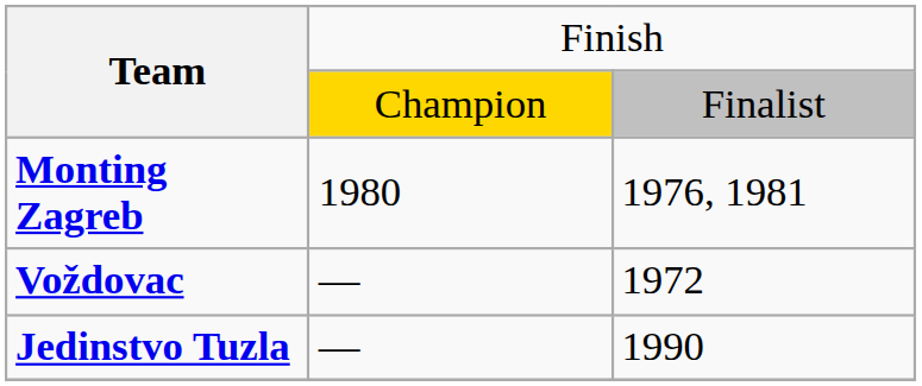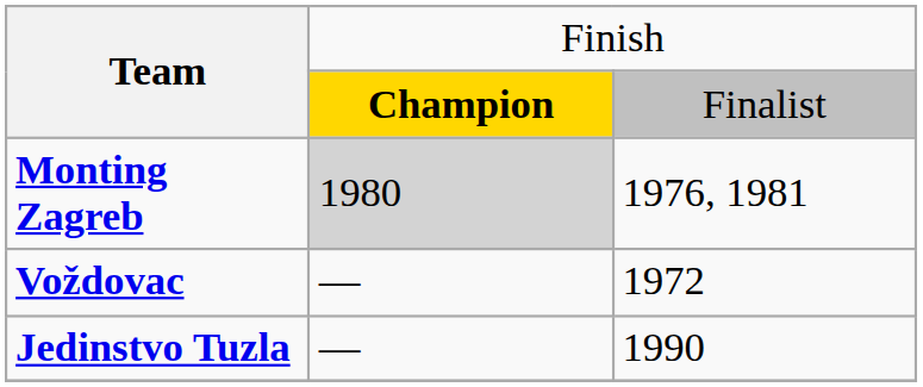 <table class="wikitable" style="text-align:center">
 <tr>
 <th rowspan="2">Team</th>
 <td colspan="4" align="center">Finish</td>
 </tr>
 <tr>
-<td width="110" style="text-align:center; background:gold">Champion</td>
+<td width="110" style="text-align:center; background:gold"><strong>Champion</strong></td>
 <td width="110" style="text-align:center; background:silver">Finalist</td>
 </tr>
 <tr>
 <td align="left" width="110"><strong><a href='#'>Monting Zagreb</a></strong></td>
-<td align="left">1980</td>
+<td align="left" style="background: lightgrey;">1980</td>
 <td align="left">1976, 1981</td>
 </tr>
 <tr>
 <td align="left"><strong><a href='#'>Voždovac</a></strong></td>
 <td align="left">—</td>
 <td align="left">1972</td>
 </tr>
 <tr>
 <td align="left"><strong><a href='#'>Jedinstvo Tuzla</a></strong></td>
 <td align="left">—</td>
 <td align="left">1990</td>
 </tr>
 <tr>
 </tr>
 </table>
